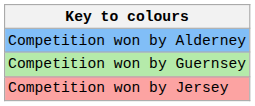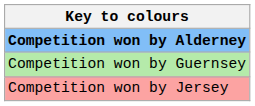 <table class="wikitable">
 <tr>
 <th>Key to colours</th>
 </tr>
 <tr style="background-color:#81BEF7">
-<td>Competition won by Alderney</td>
+<td><strong>Competition won by Alderney</strong></td>
 </tr>
 <tr style="background-color:#B5EAAA">
 <td>Competition won by Guernsey</td>
 </tr>
 <tr style="background-color:#FCA3A2">
 <td>Competition won by Jersey</td>
 </tr>
 </table>
